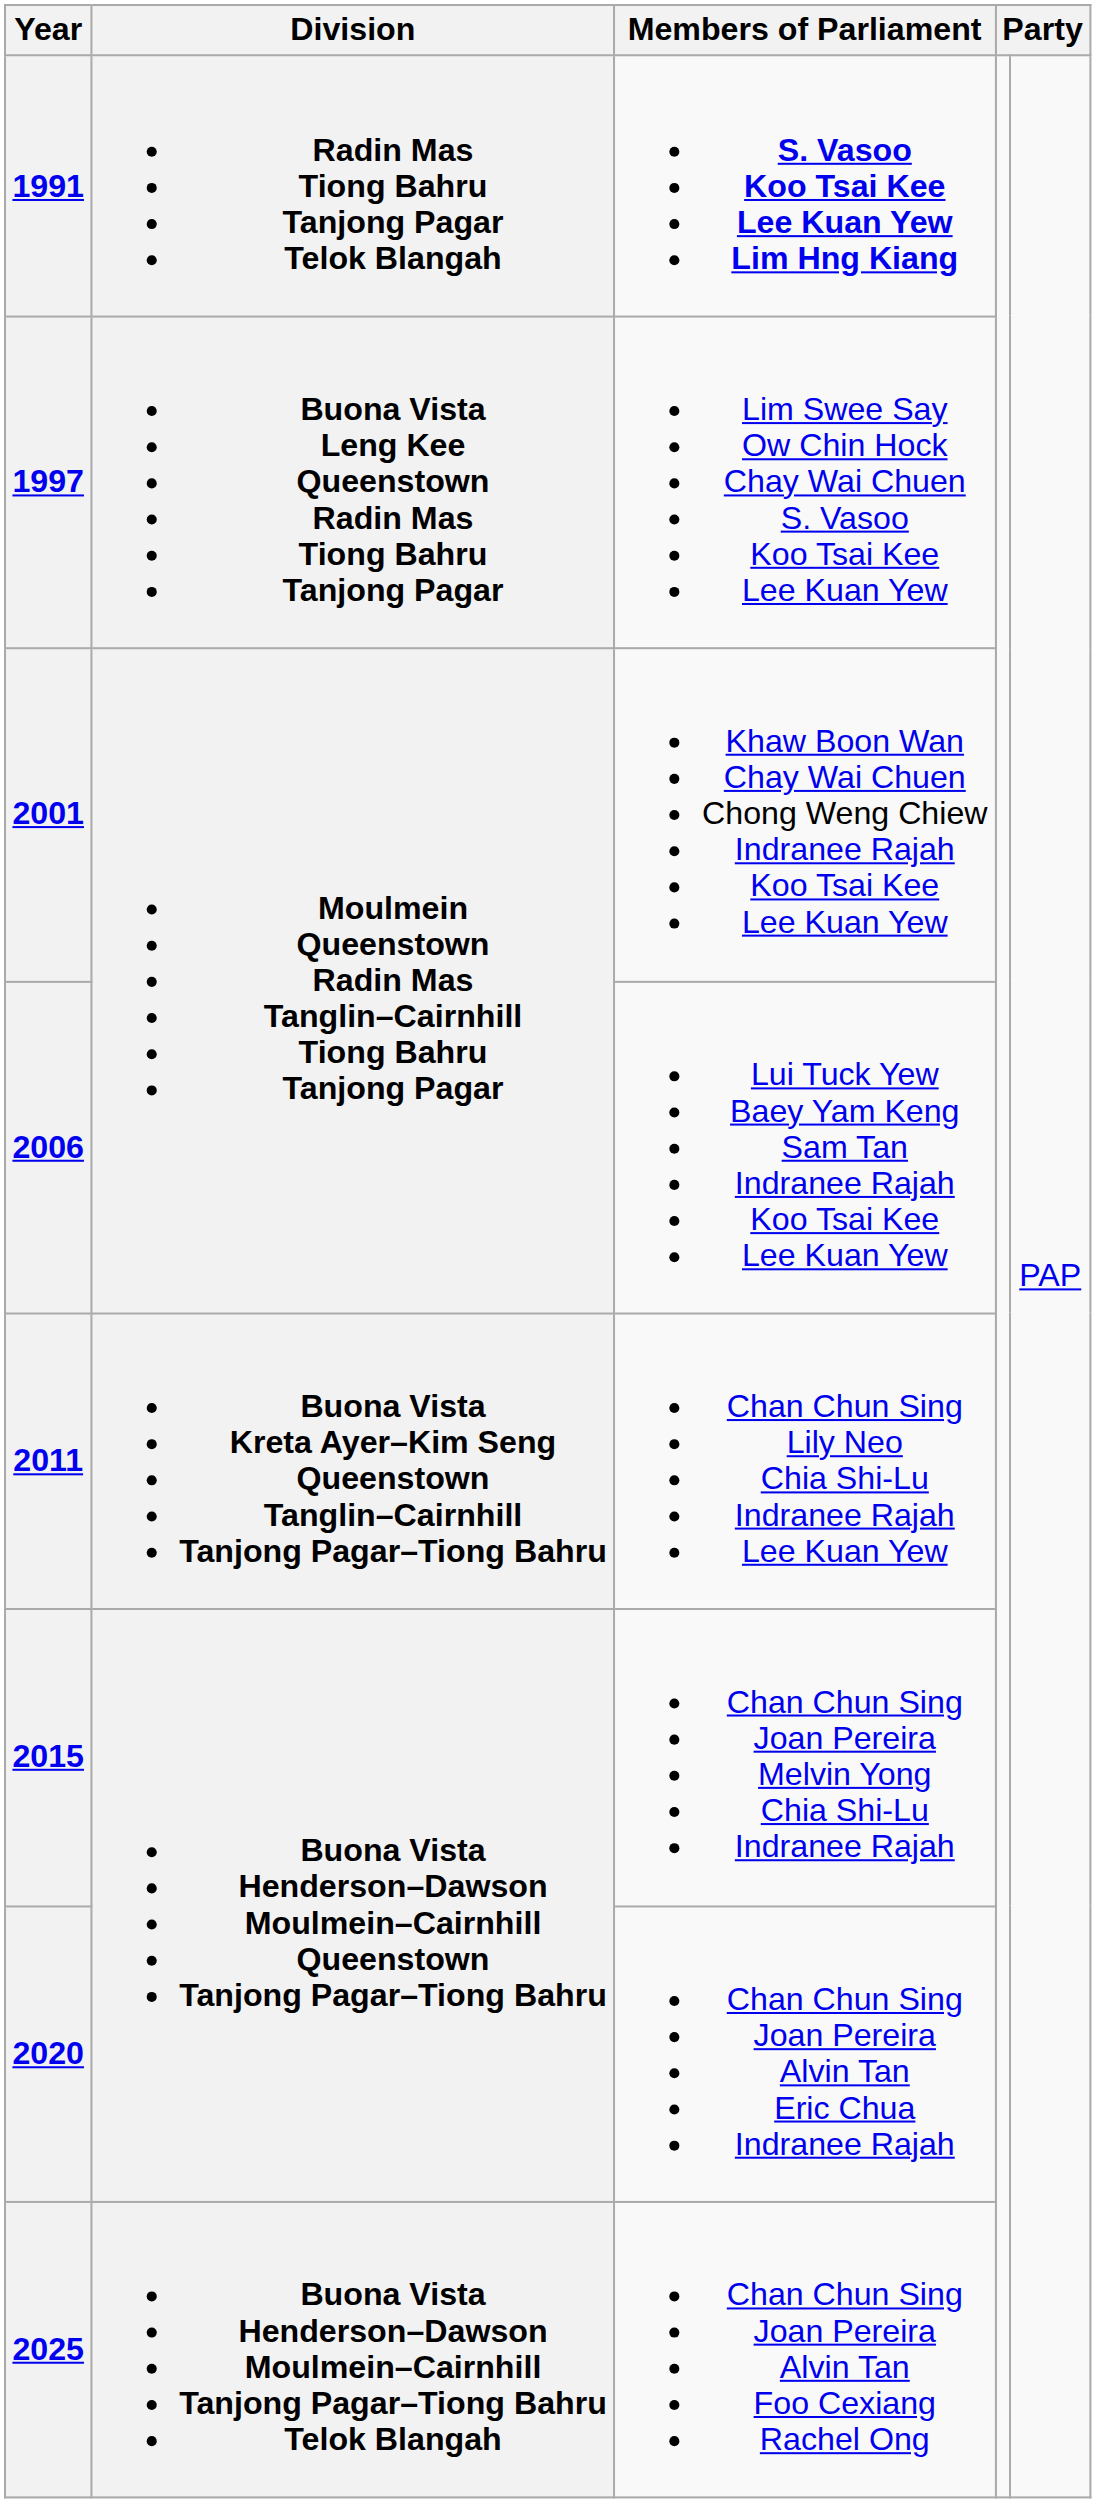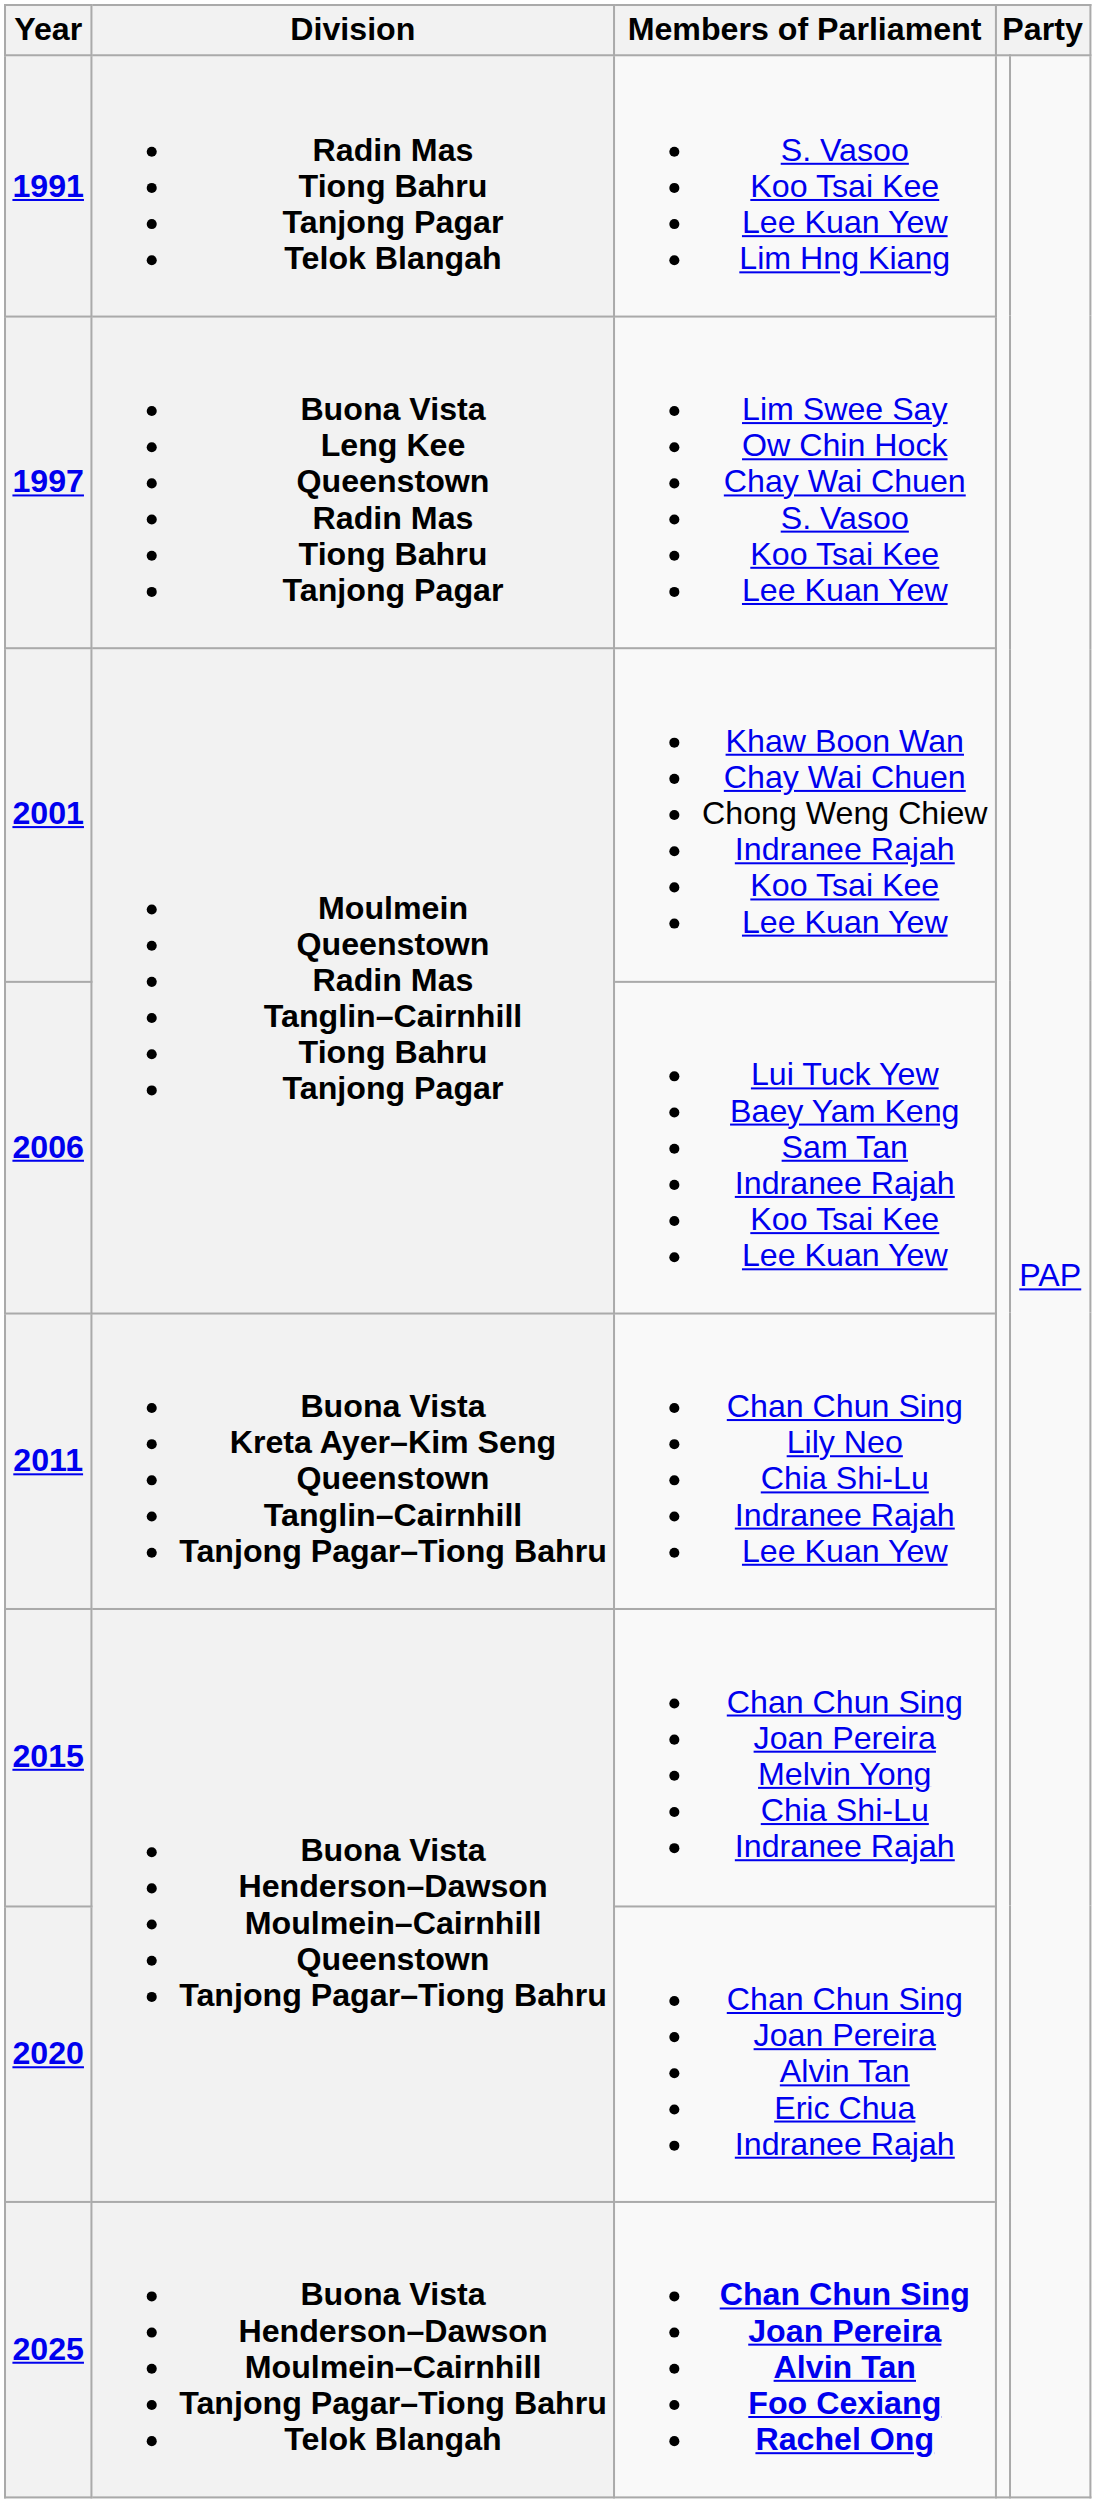 <table class="wikitable" align="center" style="text-align:center">
 <tr>
 <th>Year</th>
 <th>Division</th>
 <th>Members of Parliament</th>
 <th colspan="2">Party</th>
 </tr>
 <tr>
 <th><a href='#'>1991</a></th>
 <th><br><ul><li>Radin Mas</li><li>Tiong Bahru</li><li>Tanjong Pagar</li><li>Telok Blangah</li></ul></th>
-<td><strong><br><ul><li><a href='#'>S. Vasoo</a></li><li><a href='#'>Koo Tsai Kee</a></li><li><a href='#'>Lee Kuan Yew</a></li><li><a href='#'>Lim Hng Kiang</a></li></ul></strong></td>
+<td><br><ul><li><a href='#'>S. Vasoo</a></li><li><a href='#'>Koo Tsai Kee</a></li><li><a href='#'>Lee Kuan Yew</a></li><li><a href='#'>Lim Hng Kiang</a></li></ul></td>
 <td rowspan="8"></td>
 <td rowspan="8"><a href='#'>PAP</a></td>
 </tr>
 <tr>
 <th><a href='#'>1997</a></th>
 <th><br><ul><li>Buona Vista</li><li>Leng Kee</li><li>Queenstown</li><li>Radin Mas</li><li>Tiong Bahru</li><li>Tanjong Pagar</li></ul></th>
 <td><br><ul><li><a href='#'>Lim Swee Say</a></li><li><a href='#'>Ow Chin Hock</a></li><li><a href='#'>Chay Wai Chuen</a></li><li><a href='#'>S. Vasoo</a></li><li><a href='#'>Koo Tsai Kee</a></li><li><a href='#'>Lee Kuan Yew</a></li></ul></td>
 </tr>
 <tr>
 <th><a href='#'>2001</a></th>
 <th rowspan=2><br><ul><li>Moulmein</li><li>Queenstown</li><li>Radin Mas</li><li>Tanglin–Cairnhill</li><li>Tiong Bahru</li><li>Tanjong Pagar</li></ul></th>
 <td><br><ul><li><a href='#'>Khaw Boon Wan</a></li><li><a href='#'>Chay Wai Chuen</a></li><li>Chong Weng Chiew</li><li><a href='#'>Indranee Rajah</a></li><li><a href='#'>Koo Tsai Kee</a></li><li><a href='#'>Lee Kuan Yew</a></li></ul></td>
 </tr>
 <tr>
 <th><a href='#'>2006</a></th>
 <td><br><ul><li><a href='#'>Lui Tuck Yew</a></li><li><a href='#'>Baey Yam Keng</a></li><li><a href='#'>Sam Tan</a></li><li><a href='#'>Indranee Rajah</a></li><li><a href='#'>Koo Tsai Kee</a></li><li><a href='#'>Lee Kuan Yew</a></li></ul></td>
 </tr>
 <tr>
 <th><a href='#'>2011</a></th>
 <th><br><ul><li>Buona Vista</li><li>Kreta Ayer–Kim Seng</li><li>Queenstown</li><li>Tanglin–Cairnhill</li><li>Tanjong Pagar–Tiong Bahru</li></ul></th>
 <td><br><ul><li><a href='#'>Chan Chun Sing</a></li><li><a href='#'>Lily Neo</a></li><li><a href='#'>Chia Shi-Lu</a></li><li><a href='#'>Indranee Rajah</a></li><li><a href='#'>Lee Kuan Yew</a></li></ul></td>
 </tr>
 <tr>
 <th><a href='#'>2015</a></th>
 <th rowspan=2><br><ul><li>Buona Vista</li><li>Henderson–Dawson</li><li>Moulmein–Cairnhill</li><li>Queenstown</li><li>Tanjong Pagar–Tiong Bahru</li></ul></th>
 <td><br><ul><li><a href='#'>Chan Chun Sing</a></li><li><a href='#'>Joan Pereira</a></li><li><a href='#'>Melvin Yong</a></li><li><a href='#'>Chia Shi-Lu</a></li><li><a href='#'>Indranee Rajah</a></li></ul></td>
 </tr>
 <tr>
 <th><a href='#'>2020</a></th>
 <td><br><ul><li><a href='#'>Chan Chun Sing</a></li><li><a href='#'>Joan Pereira</a></li><li><a href='#'>Alvin Tan</a></li><li><a href='#'>Eric Chua</a></li><li><a href='#'>Indranee Rajah</a></li></ul></td>
 </tr>
 <tr>
 <th><a href='#'>2025</a></th>
 <th><br><ul><li>Buona Vista</li><li>Henderson–Dawson</li><li>Moulmein–Cairnhill</li><li>Tanjong Pagar–Tiong Bahru</li><li>Telok Blangah</li></ul></th>
-<td><br><ul><li><a href='#'>Chan Chun Sing</a></li><li><a href='#'>Joan Pereira</a></li><li><a href='#'>Alvin Tan</a></li><li><a href='#'>Foo Cexiang</a></li><li><a href='#'>Rachel Ong</a></li></ul></td>
+<td><strong><br><ul><li><a href='#'>Chan Chun Sing</a></li><li><a href='#'>Joan Pereira</a></li><li><a href='#'>Alvin Tan</a></li><li><a href='#'>Foo Cexiang</a></li><li><a href='#'>Rachel Ong</a></li></ul></strong></td>
 </tr>
 </table>
